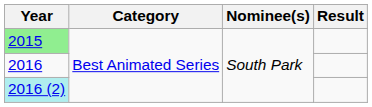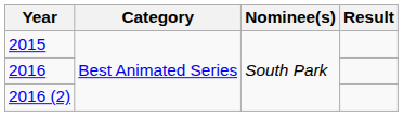 <table class="wikitable">
 <tr>
 <th>Year</th>
 <th>Category</th>
 <th>Nominee(s)</th>
 <th>Result</th>
 </tr>
 <tr>
-<td style="background: lightgreen;"><a href='#'>2015</a></td>
+<td><a href='#'>2015</a></td>
 <td rowspan="3"><a href='#'>Best Animated Series</a></td>
 <td rowspan="3"><em>South Park</em></td>
 <td></td>
 </tr>
 <tr>
 <td><a href='#'>2016</a></td>
 <td></td>
 </tr>
 <tr>
-<td style="background: paleturquoise;"><a href='#'>2016 (2)</a></td>
+<td><a href='#'>2016 (2)</a></td>
 <td></td>
 </tr>
 </table>
